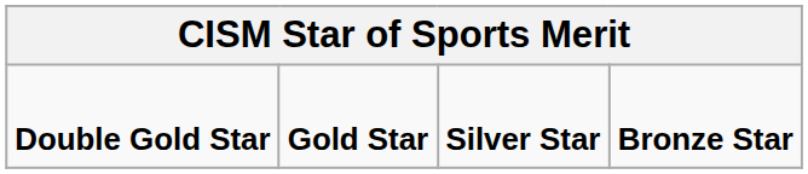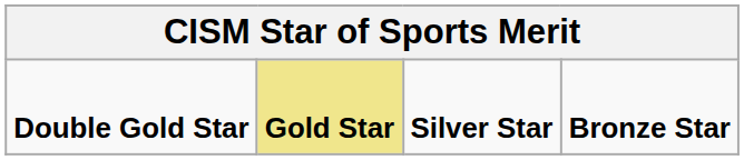 <table class="wikitable" style="margin: 1em auto;">
 <tr>
 <th colspan="4">CISM Star of Sports Merit</th>
 </tr>
 <tr align="center">
 <td><br><small><strong>Double Gold Star</strong></small></td>
-<td><br><small><strong>Gold Star</strong></small></td>
+<td style="background: khaki;"><br><small><strong>Gold Star</strong></small></td>
 <td><br><small><strong>Silver Star</strong></small></td>
 <td><br><small><strong>Bronze Star</strong></small></td>
 </tr>
 </table>
